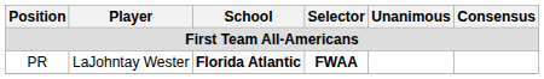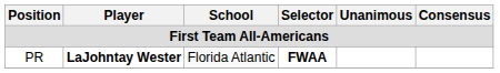 <table class="wikitable" border="0">
 <tr>
 <th>Position</th>
 <th>Player</th>
 <th>School</th>
 <th>Selector</th>
 <th>Unanimous</th>
 <th>Consensus</th>
 </tr>
 <tr>
 <td colspan="6" style="text-align:center; background:#ddd;"><strong>First Team All-Americans</strong></td>
 </tr>
 <tr style="text-align:center;">
 <td style="background:white">PR</td>
-<td style="background:white">LaJohntay Wester</td>
-<td style=><strong>Florida Atlantic</strong></td>
+<td style="background:white"><strong>LaJohntay Wester</strong></td>
+<td style=>Florida Atlantic</td>
 <td style="background:white"><strong>FWAA</strong></td>
 <td style="background:white"></td>
 <td style="background:white"></td>
 </tr>
 <tr>
 </tr>
 </table>
